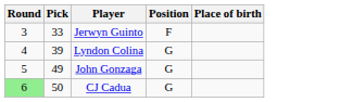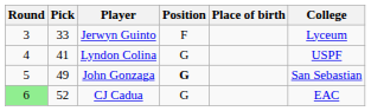 <table class="wikitable sortable sortable" style="text-align:center">
 <tr>
 <th>Round</th>
 <th>Pick</th>
 <th>Player</th>
 <th>Position</th>
 <th>Place of birth</th>
+<th>College</th>
 </tr>
 <tr>
 <td>3</td>
 <td>33</td>
 <td><a href='#'>Jerwyn Guinto</a></td>
 <td>F</td>
 <td></td>
+<td><a href='#'>Lyceum</a></td>
 </tr>
 <tr>
 <td>4</td>
-<td>39</td>
+<td>41</td>
 <td><a href='#'>Lyndon Colina</a></td>
 <td>G</td>
 <td></td>
+<td><a href='#'>USPF</a></td>
 </tr>
 <tr>
 <td>5</td>
 <td>49</td>
 <td><a href='#'>John Gonzaga</a></td>
-<td>G</td>
+<td><strong>G</strong></td>
 <td></td>
+<td><a href='#'>San Sebastian</a></td>
 </tr>
 <tr>
 <td style="background: lightgreen;">6</td>
-<td>50</td>
+<td>52</td>
 <td><a href='#'>CJ Cadua</a></td>
 <td>G</td>
 <td></td>
+<td><a href='#'>EAC</a></td>
 </tr>
 </table>
